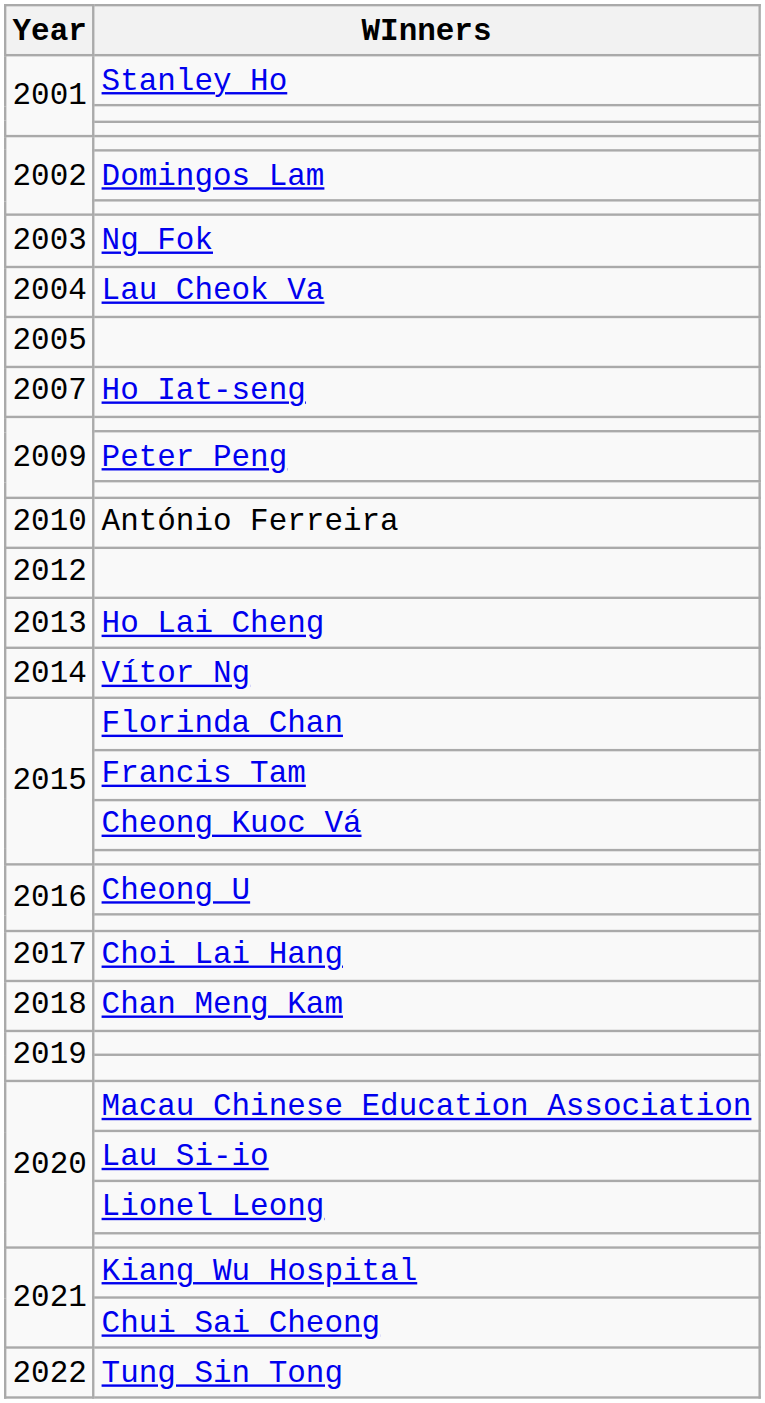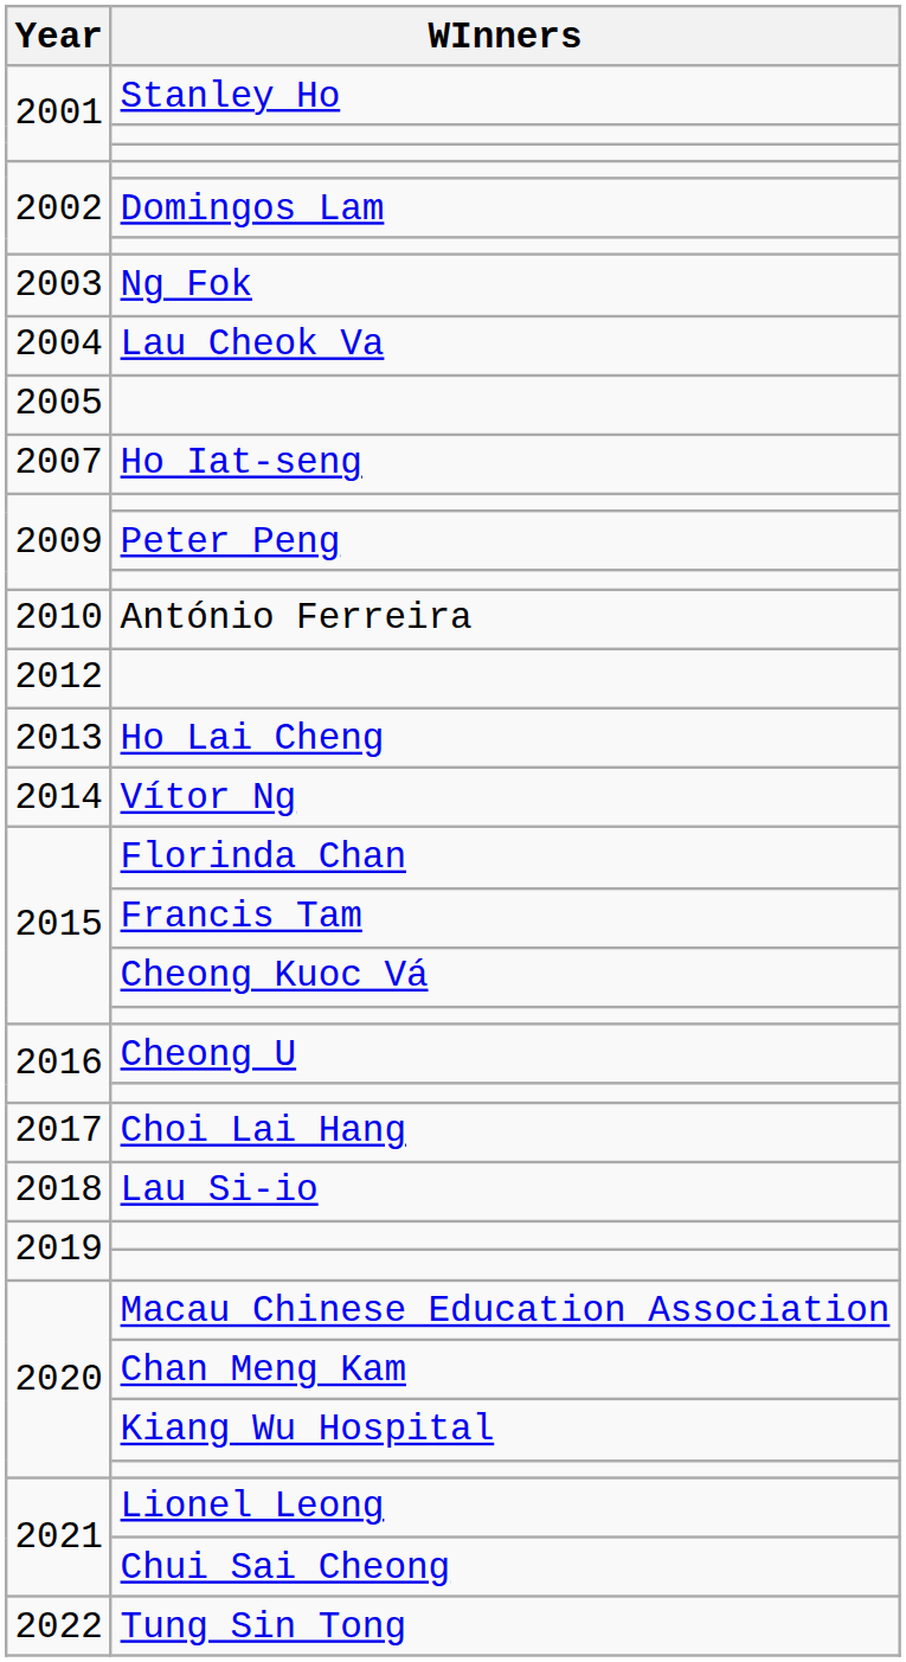 <table class="wikitable">
 <tr>
 <th>Year</th>
 <th>WInners</th>
 </tr>
 <tr>
 <td rowspan="3">2001</td>
 <td><a href='#'>Stanley Ho</a></td>
 </tr>
 <tr>
 <td></td>
 </tr>
 <tr>
 <td></td>
 </tr>
 <tr>
 <td rowspan="3">2002</td>
 <td></td>
 </tr>
 <tr>
 <td><a href='#'>Domingos Lam</a></td>
 </tr>
 <tr>
 <td></td>
 </tr>
 <tr>
 <td>2003</td>
 <td><a href='#'>Ng Fok</a></td>
 </tr>
 <tr>
 <td>2004</td>
 <td><a href='#'>Lau Cheok Va</a></td>
 </tr>
 <tr>
 <td>2005</td>
 <td></td>
 </tr>
 <tr>
 <td>2007</td>
 <td><a href='#'>Ho Iat-seng</a></td>
 </tr>
 <tr>
 <td rowspan="3">2009</td>
 <td></td>
 </tr>
 <tr>
 <td><a href='#'>Peter Peng</a></td>
 </tr>
 <tr>
 <td></td>
 </tr>
 <tr>
 <td>2010</td>
 <td>António Ferreira</td>
 </tr>
 <tr>
 <td>2012</td>
 <td></td>
 </tr>
 <tr>
 <td>2013</td>
 <td><a href='#'>Ho Lai Cheng</a></td>
 </tr>
 <tr>
 <td>2014</td>
 <td><a href='#'>Vítor Ng</a></td>
 </tr>
 <tr>
 <td rowspan="4">2015</td>
 <td><a href='#'>Florinda Chan</a></td>
 </tr>
 <tr>
 <td><a href='#'>Francis Tam</a></td>
 </tr>
 <tr>
 <td><a href='#'>Cheong Kuoc Vá</a></td>
 </tr>
 <tr>
 <td></td>
 </tr>
 <tr>
 <td rowspan="2">2016</td>
 <td><a href='#'>Cheong U</a></td>
 </tr>
 <tr>
 <td></td>
 </tr>
 <tr>
 <td>2017</td>
 <td><a href='#'>Choi Lai Hang</a></td>
 </tr>
 <tr>
 <td>2018</td>
-<td><a href='#'>Chan Meng Kam</a></td>
+<td><a href='#'>Lau Si-io</a></td>
 </tr>
 <tr>
 <td rowspan="2">2019</td>
 <td></td>
 </tr>
 <tr>
 <td></td>
 </tr>
 <tr>
 <td rowspan="4">2020</td>
 <td><a href='#'>Macau Chinese Education Association</a></td>
 </tr>
 <tr>
-<td><a href='#'>Lau Si-io</a></td>
+<td><a href='#'>Chan Meng Kam</a></td>
 </tr>
 <tr>
-<td><a href='#'>Lionel Leong</a></td>
+<td><a href='#'>Kiang Wu Hospital</a></td>
 </tr>
 <tr>
 <td></td>
 </tr>
 <tr>
 <td rowspan="2">2021</td>
-<td><a href='#'>Kiang Wu Hospital</a></td>
+<td><a href='#'>Lionel Leong</a></td>
 </tr>
 <tr>
 <td><a href='#'>Chui Sai Cheong</a></td>
 </tr>
 <tr>
 <td>2022</td>
 <td><a href='#'>Tung Sin Tong</a></td>
 </tr>
 </table>
